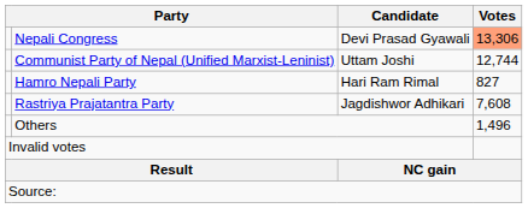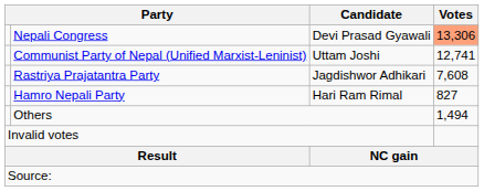 <table class="wikitable">
 <tr>
 <th colspan="2">Party</th>
 <th>Candidate</th>
 <th>Votes</th>
 </tr>
 <tr>
 <td style="background-color:"></td>
 <td><a href='#'>Nepali Congress</a></td>
 <td>Devi Prasad Gyawali</td>
 <td style="background: lightsalmon;">13,306</td>
 </tr>
 <tr>
 <td style="background-color:"></td>
 <td><a href='#'>Communist Party of Nepal (Unified Marxist-Leninist)</a></td>
 <td>Uttam Joshi</td>
-<td>12,744</td>
+<td>12,741</td>
+</tr>
+<tr>
+<td style="background-color:"></td>
+<td><a href='#'>Rastriya Prajatantra Party</a></td>
+<td>Jagdishwor Adhikari</td>
+<td>7,608</td>
 </tr>
 <tr>
 <td style="background-color:"></td>
 <td><a href='#'>Hamro Nepali Party</a></td>
 <td>Hari Ram Rimal</td>
 <td>827</td>
 </tr>
 <tr>
-<td style="background-color:"></td>
-<td><a href='#'>Rastriya Prajatantra Party</a></td>
-<td>Jagdishwor Adhikari</td>
-<td>7,608</td>
-</tr>
-<tr>
 <td></td>
 <td colspan="2">Others</td>
-<td>1,496</td>
+<td>1,494</td>
 </tr>
 <tr>
 <td colspan="3">Invalid votes</td>
 <td></td>
 </tr>
 <tr>
 <th colspan="2">Result</th>
 <th colspan="2">NC gain</th>
 </tr>
 <tr>
 <td colspan="4">Source: </td>
 </tr>
 </table>
